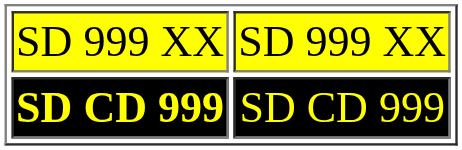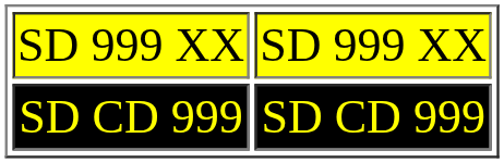 <table border="1" style="margin:1em auto; text-align:center;">
 <tr ---- size="40">
 <td style="background:yellow; font-size: 14pt; color: black">SD 999 XX</td>
 <td style="background:yellow; font-size: 14pt; color: black">SD 999 XX</td>
 </tr>
 <tr>
-<td style="background:black; font-size: 14pt; color: yellow"><strong>SD CD 999</strong></td>
+<td style="background:black; font-size: 14pt; color: yellow">SD CD 999</td>
 <td style="background:black; font-size: 14pt; color: yellow">SD CD 999</td>
 </tr>
 </table>
